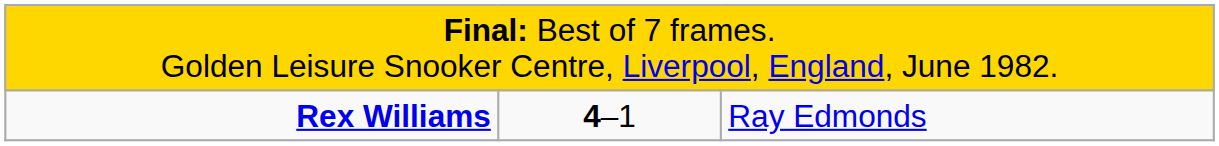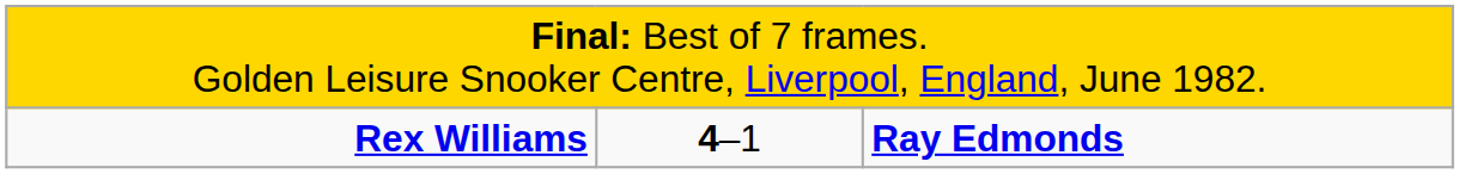 <table class="wikitable" style="font-size: 95%; margin: 1em auto 1em auto;">
 <tr>
 <td colspan="3" align="center" bgcolor="#ffd700"><strong>Final:</strong> Best of 7 frames.<br>Golden Leisure Snooker Centre, <a href='#'>Liverpool</a>, <a href='#'>England</a>, June 1982.</td>
 </tr>
 <tr>
 <td width="230" align="right"><strong><a href='#'>Rex Williams</a></strong> <br></td>
 <td width="100" align="center"><strong>4</strong>–1</td>
-<td width="230"><a href='#'>Ray Edmonds</a> <br></td>
+<td width="230"><strong><a href='#'>Ray Edmonds</a> <br></strong></td>
 </tr>
 </table>
